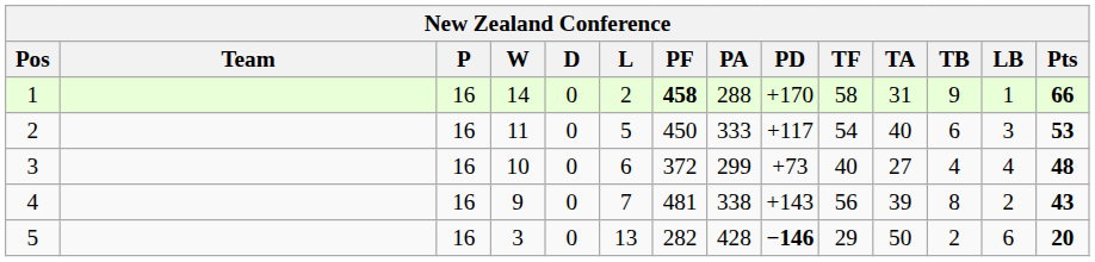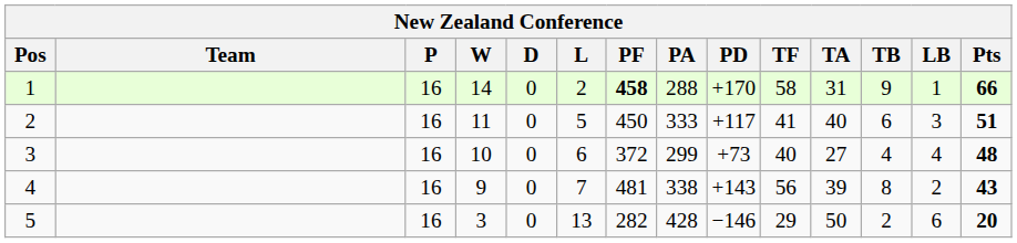 <table class="wikitable" style="text-align:center; line-height:110%; font-size:100%; width:60%;">
 <tr>
 <th colspan="100%" cellpadding="0" cellspacing="0"> <strong>New Zealand Conference</strong></th>
 </tr>
 <tr>
 <th style="width:5%;">Pos</th>
 <th style="width:35%;">Team</th>
 <th style="width:5%;">P</th>
 <th style="width:5%;">W</th>
 <th style="width:5%;">D</th>
 <th style="width:5%;">L</th>
 <th style="width:5%;">PF</th>
 <th style="width:5%;">PA</th>
 <th style="width:5%;">PD</th>
 <th style="width:5%;">TF</th>
 <th style="width:5%;">TA</th>
 <th style="width:5%;">TB</th>
 <th style="width:5%;">LB</th>
 <th style="width:5%;">Pts<br></th>
 </tr>
 <tr style="background:#E8FFD8;">
 <td>1</td>
 <td style="text-align:left;"></td>
 <td>16</td>
 <td>14</td>
 <td>0</td>
 <td>2</td>
 <td><strong>458</strong></td>
 <td>288</td>
 <td>+170</td>
 <td>58</td>
 <td>31</td>
 <td>9</td>
 <td>1</td>
 <td><strong>66</strong></td>
 </tr>
 <tr>
 <td>2</td>
 <td style="text-align:left;"></td>
 <td>16</td>
 <td>11</td>
 <td>0</td>
 <td>5</td>
 <td>450</td>
 <td>333</td>
 <td>+117</td>
-<td>54</td>
+<td>41</td>
 <td>40</td>
 <td>6</td>
 <td>3</td>
-<td><strong>53</strong></td>
+<td><strong>51</strong></td>
 </tr>
 <tr>
 <td>3</td>
 <td style="text-align:left;"></td>
 <td>16</td>
 <td>10</td>
 <td>0</td>
 <td>6</td>
 <td>372</td>
 <td>299</td>
 <td>+73</td>
 <td>40</td>
 <td>27</td>
 <td>4</td>
 <td>4</td>
 <td><strong>48</strong></td>
 </tr>
 <tr>
 <td>4</td>
 <td style="text-align:left;"></td>
 <td>16</td>
 <td>9</td>
 <td>0</td>
 <td>7</td>
 <td>481</td>
 <td>338</td>
 <td>+143</td>
 <td>56</td>
 <td>39</td>
 <td>8</td>
 <td>2</td>
 <td><strong>43</strong></td>
 </tr>
 <tr>
 <td>5</td>
 <td style="text-align:left;"></td>
 <td>16</td>
 <td>3</td>
 <td>0</td>
 <td>13</td>
 <td>282</td>
 <td>428</td>
-<td><strong>−146</strong></td>
+<td>−146</td>
 <td>29</td>
 <td>50</td>
 <td>2</td>
 <td>6</td>
 <td><strong>20</strong></td>
 </tr>
 </table>
